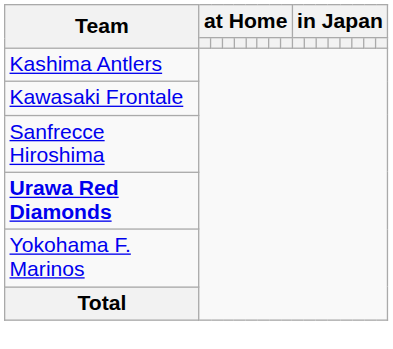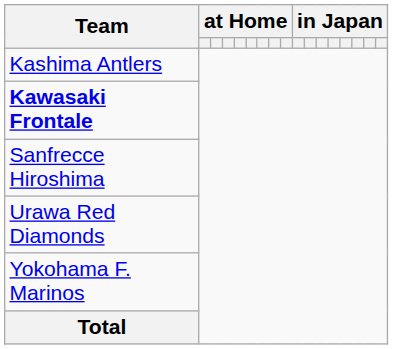 <table class="wikitable plainrowheaders sortable">
 <tr>
 <th width=140px rowspan=2>Team</th>
 <th colspan=8>at Home</th>
 <th colspan=8>in Japan</th>
 </tr>
 <tr>
 <th></th>
 <th></th>
 <th></th>
 <th></th>
 <th></th>
 <th></th>
 <th></th>
 <th></th>
 <th></th>
 <th></th>
 <th></th>
 <th></th>
 <th></th>
 <th></th>
 <th></th>
 <th></th>
 </tr>
 <tr>
 <td><a href='#'>Kashima Antlers</a><br> </td>
 </tr>
 <tr>
-<td><a href='#'>Kawasaki Frontale</a><br> </td>
+<td><strong><a href='#'>Kawasaki Frontale</a><br> </strong></td>
 </tr>
 <tr>
 <td><a href='#'>Sanfrecce Hiroshima</a><br> </td>
 </tr>
 <tr>
-<td><strong><a href='#'>Urawa Red Diamonds</a><br> </strong></td>
+<td><a href='#'>Urawa Red Diamonds</a><br> </td>
 </tr>
 <tr>
 <td><a href='#'>Yokohama F. Marinos</a><br> </td>
 </tr>
 <tr class="sortbottom">
 <th>Total<br> </th>
 </tr>
 </table>
